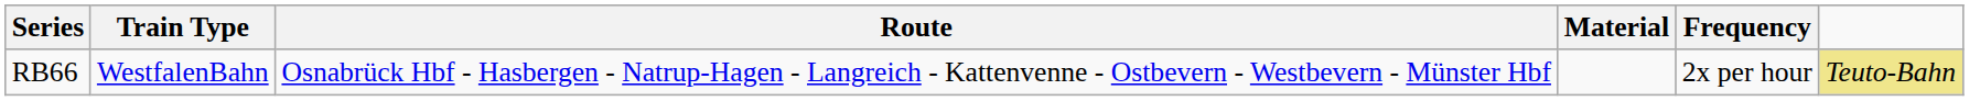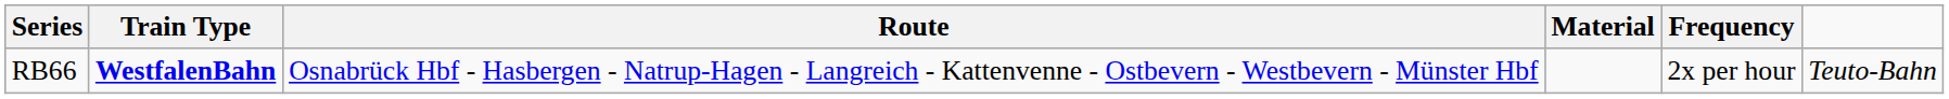 <table class="wikitable vatop">
 <tr>
 <th>Series</th>
 <th>Train Type</th>
 <th>Route</th>
 <th>Material</th>
 <th>Frequency</th>
 </tr>
 <tr>
 <td>RB66</td>
-<td><a href='#'>WestfalenBahn</a></td>
+<td><strong><a href='#'>WestfalenBahn</a></strong></td>
 <td><a href='#'>Osnabrück Hbf</a> - <a href='#'>Hasbergen</a> - <a href='#'>Natrup-Hagen</a> - <a href='#'>Langreich</a> - Kattenvenne - <a href='#'>Ostbevern</a> - <a href='#'>Westbevern</a> - <a href='#'>Münster Hbf</a></td>
 <td></td>
 <td>2x per hour</td>
-<td style="background: khaki;"><em>Teuto-Bahn</em></td>
+<td><em>Teuto-Bahn</em></td>
 </tr>
 </table>
